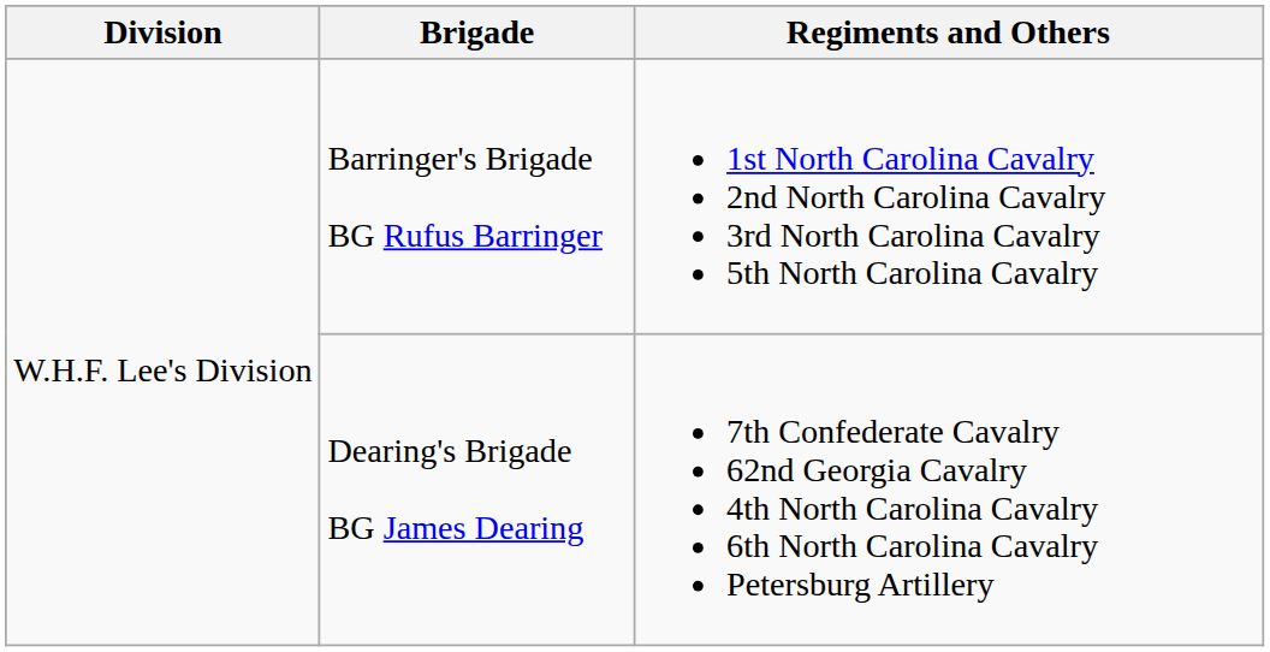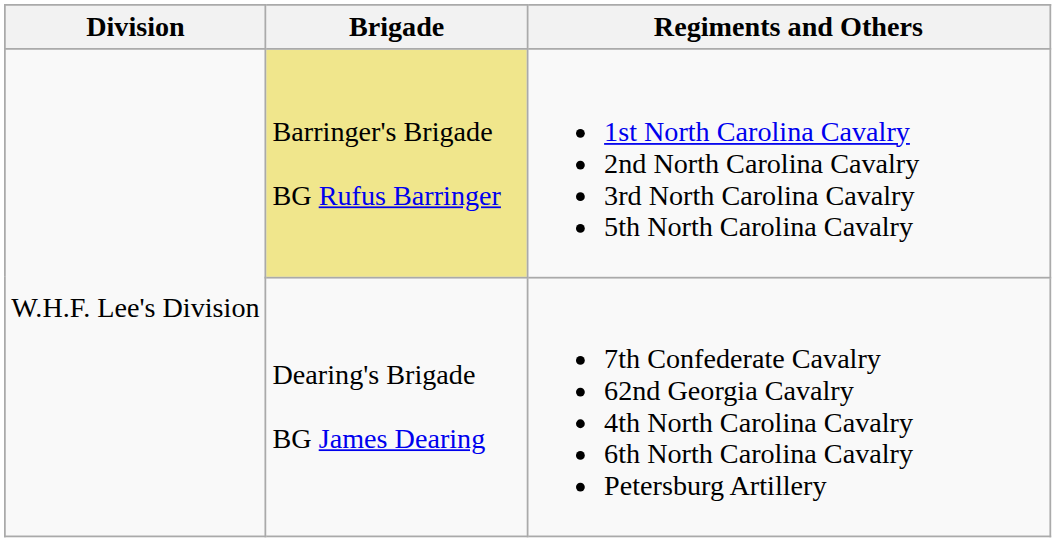 <table class="wikitable">
 <tr>
 <th style="width:25%;">Division</th>
 <th style="width:25%;">Brigade</th>
 <th>Regiments and Others</th>
 </tr>
 <tr>
 <td rowspan=2><br>W.H.F. Lee's Division</td>
-<td>Barringer's Brigade<br><br> BG <a href='#'>Rufus Barringer</a></td>
+<td style="background: khaki;">Barringer's Brigade<br><br> BG <a href='#'>Rufus Barringer</a></td>
 <td><br><ul><li><a href='#'>1st North Carolina Cavalry</a></li><li>2nd North Carolina Cavalry</li><li>3rd North Carolina Cavalry</li><li>5th North Carolina Cavalry</li></ul></td>
 </tr>
 <tr>
 <td>Dearing's Brigade<br><br> BG <a href='#'>James Dearing</a></td>
 <td><br><ul><li>7th Confederate Cavalry</li><li>62nd Georgia Cavalry</li><li>4th North Carolina Cavalry</li><li>6th North Carolina Cavalry</li><li>Petersburg Artillery</li></ul></td>
 </tr>
 </table>
